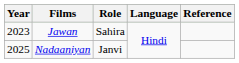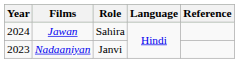 <table class="wikitable" style="text-align:center;">
 <tr style="background:#cfc;">
 <th>Year</th>
 <th>Films</th>
 <th>Role</th>
 <th>Language</th>
 <th>Reference</th>
 </tr>
 <tr>
-<td>2023</td>
+<td>2024</td>
 <td><em><a href='#'>Jawan</a></em></td>
 <td>Sahira</td>
 <td rowspan=2><a href='#'>Hindi</a></td>
 <td></td>
 </tr>
 <tr>
-<td>2025</td>
+<td>2023</td>
 <td><em><a href='#'>Nadaaniyan</a></em></td>
 <td>Janvi</td>
 <td></td>
 </tr>
 </table>
